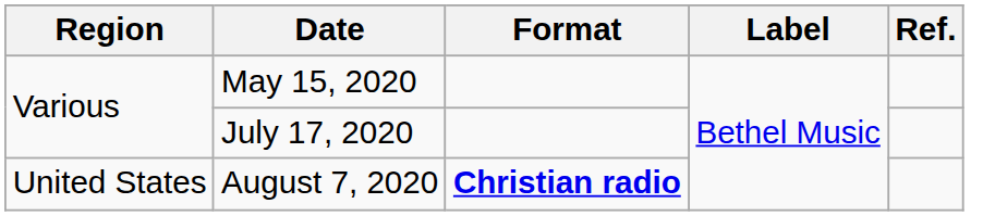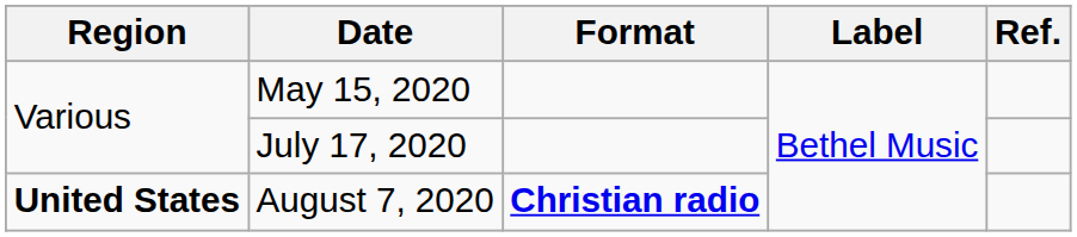 <table class="wikitable plainrowheaders">
 <tr>
 <th scope="col">Region</th>
 <th scope="col">Date</th>
 <th scope="col">Format</th>
 <th scope="col">Label</th>
 <th scope="col">Ref.</th>
 </tr>
 <tr>
 <td rowspan="2">Various</td>
 <td>May 15, 2020</td>
 <td></td>
 <td rowspan="3"><a href='#'>Bethel Music</a></td>
 <td></td>
 </tr>
 <tr>
 <td>July 17, 2020</td>
 <td></td>
 <td></td>
 </tr>
 <tr>
-<td>United States</td>
+<td><strong>United States</strong></td>
 <td>August 7, 2020</td>
 <td><strong><a href='#'>Christian radio</a></strong></td>
 <td></td>
 </tr>
 </table>
